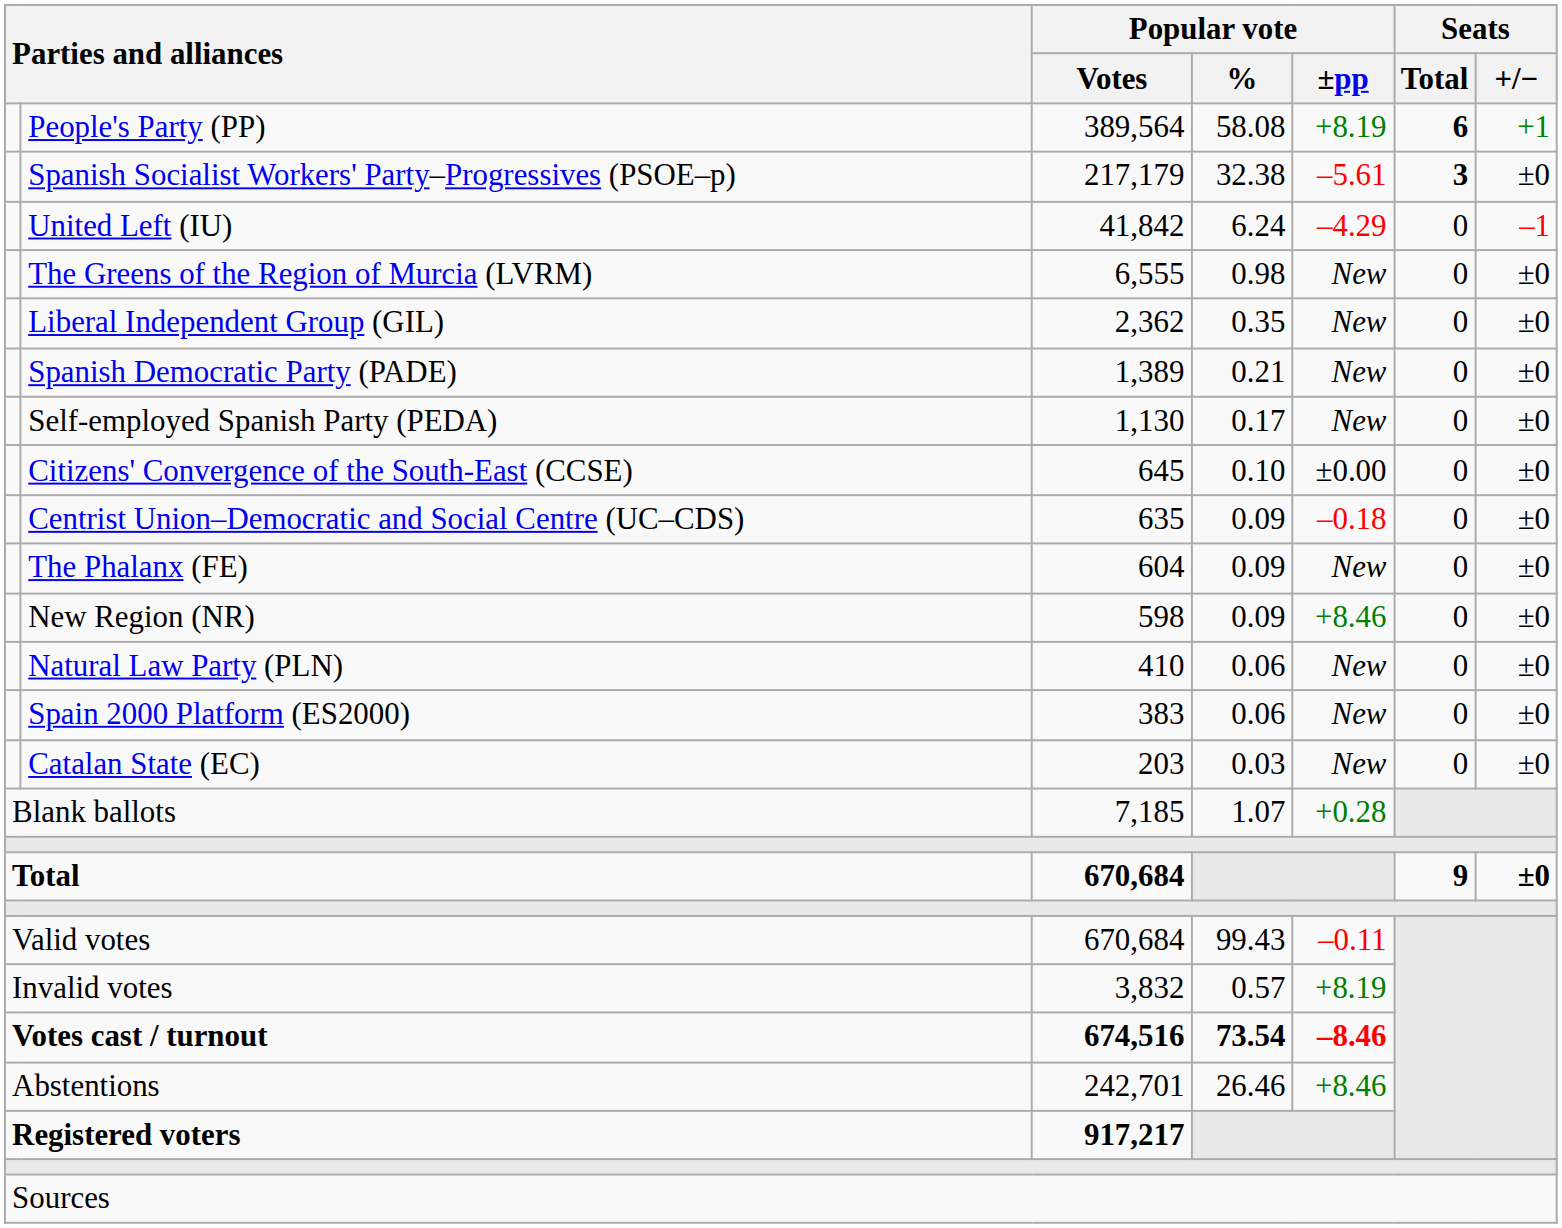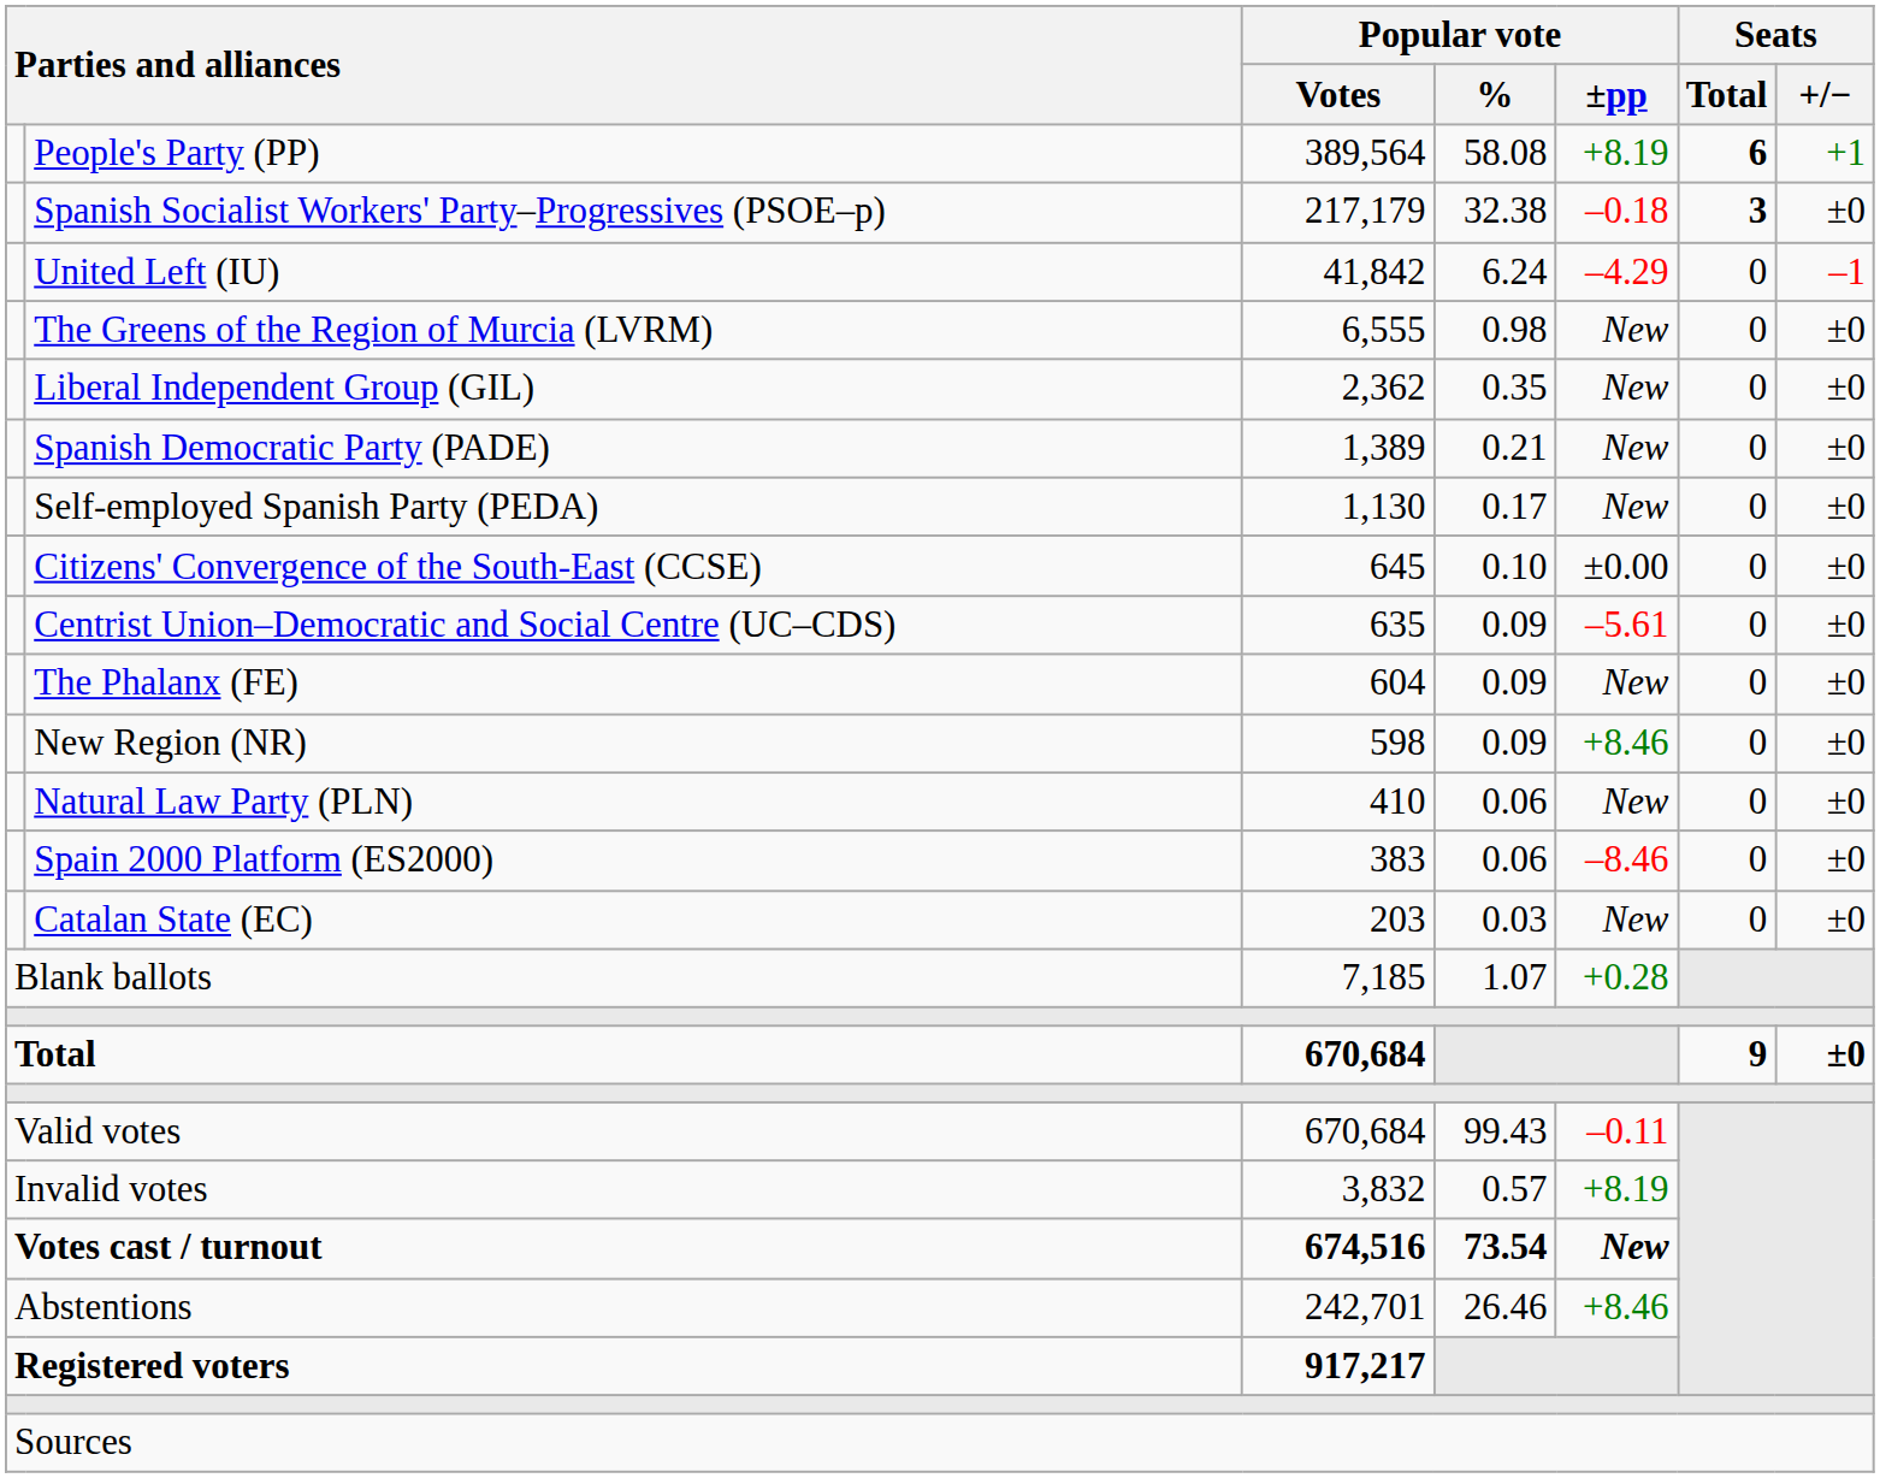 <table class="wikitable" style="text-align:right;">
 <tr>
 <th style="text-align:left;" rowspan="2" colspan="2" width="525">Parties and alliances</th>
 <th colspan="3">Popular vote</th>
 <th colspan="2">Seats</th>
 </tr>
 <tr>
 <th width="75">Votes</th>
 <th width="45">%</th>
 <th width="45">±<a href='#'>pp</a></th>
 <th width="35">Total</th>
 <th width="35">+/−</th>
 </tr>
 <tr>
 <td width="1" style="color:inherit;background:"></td>
 <td align="left"><a href='#'>People's Party</a> (PP)</td>
 <td>389,564</td>
 <td>58.08</td>
 <td style="color:green;">+8.19</td>
 <td><strong>6</strong></td>
 <td style="color:green;">+1</td>
 </tr>
 <tr>
 <td style="color:inherit;background:"></td>
 <td align="left"><a href='#'>Spanish Socialist Workers' Party</a>–<a href='#'>Progressives</a> (PSOE–p)</td>
 <td>217,179</td>
 <td>32.38</td>
-<td style="color:red;">–5.61</td>
+<td style="color:red;">–0.18</td>
 <td><strong>3</strong></td>
 <td>±0</td>
 </tr>
 <tr>
 <td style="color:inherit;background:"></td>
 <td align="left"><a href='#'>United Left</a> (IU)</td>
 <td>41,842</td>
 <td>6.24</td>
 <td style="color:red;">–4.29</td>
 <td>0</td>
 <td style="color:red;">–1</td>
 </tr>
 <tr>
 <td style="color:inherit;background:"></td>
 <td align="left"><a href='#'>The Greens of the Region of Murcia</a> (LVRM)</td>
 <td>6,555</td>
 <td>0.98</td>
 <td><em>New</em></td>
 <td>0</td>
 <td>±0</td>
 </tr>
 <tr>
 <td style="color:inherit;background:"></td>
 <td align="left"><a href='#'>Liberal Independent Group</a> (GIL)</td>
 <td>2,362</td>
 <td>0.35</td>
 <td><em>New</em></td>
 <td>0</td>
 <td>±0</td>
 </tr>
 <tr>
 <td style="color:inherit;background:"></td>
 <td align="left"><a href='#'>Spanish Democratic Party</a> (PADE)</td>
 <td>1,389</td>
 <td>0.21</td>
 <td><em>New</em></td>
 <td>0</td>
 <td>±0</td>
 </tr>
 <tr>
 <td style="color:inherit;background:"></td>
 <td align="left">Self-employed Spanish Party (PEDA)</td>
 <td>1,130</td>
 <td>0.17</td>
 <td><em>New</em></td>
 <td>0</td>
 <td>±0</td>
 </tr>
 <tr>
 <td style="color:inherit;background:"></td>
 <td align="left"><a href='#'>Citizens' Convergence of the South-East</a> (CCSE)</td>
 <td>645</td>
 <td>0.10</td>
 <td>±0.00</td>
 <td>0</td>
 <td>±0</td>
 </tr>
 <tr>
 <td style="color:inherit;background:"></td>
 <td align="left"><a href='#'>Centrist Union–Democratic and Social Centre</a> (UC–CDS)</td>
 <td>635</td>
 <td>0.09</td>
-<td style="color:red;">–0.18</td>
+<td style="color:red;">–5.61</td>
 <td>0</td>
 <td>±0</td>
 </tr>
 <tr>
 <td style="color:inherit;background:"></td>
 <td align="left"><a href='#'>The Phalanx</a> (FE)</td>
 <td>604</td>
 <td>0.09</td>
 <td><em>New</em></td>
 <td>0</td>
 <td>±0</td>
 </tr>
 <tr>
 <td style="color:inherit;background:"></td>
 <td align="left">New Region (NR)</td>
 <td>598</td>
 <td>0.09</td>
 <td style="color:green;">+8.46</td>
 <td>0</td>
 <td>±0</td>
 </tr>
 <tr>
 <td style="color:inherit;background:"></td>
 <td align="left"><a href='#'>Natural Law Party</a> (PLN)</td>
 <td>410</td>
 <td>0.06</td>
 <td><em>New</em></td>
 <td>0</td>
 <td>±0</td>
 </tr>
 <tr>
 <td style="color:inherit;background:"></td>
 <td align="left"><a href='#'>Spain 2000 Platform</a> (ES2000)</td>
 <td>383</td>
 <td>0.06</td>
-<td><em>New</em></td>
+<td style="color:red;">–8.46</td>
 <td>0</td>
 <td>±0</td>
 </tr>
 <tr>
 <td style="color:inherit;background:"></td>
 <td align="left"><a href='#'>Catalan State</a> (EC)</td>
 <td>203</td>
 <td>0.03</td>
 <td><em>New</em></td>
 <td>0</td>
 <td>±0</td>
 </tr>
 <tr>
 <td align="left" colspan="2">Blank ballots</td>
 <td>7,185</td>
 <td>1.07</td>
 <td style="color:green;">+0.28</td>
 <td bgcolor="#E9E9E9" colspan="2"></td>
 </tr>
 <tr>
 <td colspan="7" bgcolor="#E9E9E9"></td>
 </tr>
 <tr style="font-weight:bold;">
 <td align="left" colspan="2">Total</td>
 <td>670,684</td>
 <td bgcolor="#E9E9E9" colspan="2"></td>
 <td>9</td>
 <td>±0</td>
 </tr>
 <tr>
 <td colspan="7" bgcolor="#E9E9E9"></td>
 </tr>
 <tr>
 <td align="left" colspan="2">Valid votes</td>
 <td>670,684</td>
 <td>99.43</td>
 <td style="color:red;">–0.11</td>
 <td bgcolor="#E9E9E9" colspan="2" rowspan="5"></td>
 </tr>
 <tr>
 <td align="left" colspan="2">Invalid votes</td>
 <td>3,832</td>
 <td>0.57</td>
 <td style="color:green;">+8.19</td>
 </tr>
 <tr style="font-weight:bold;">
 <td align="left" colspan="2">Votes cast / turnout</td>
 <td>674,516</td>
 <td>73.54</td>
-<td style="color:red;">–8.46</td>
+<td><em>New</em></td>
 </tr>
 <tr>
 <td align="left" colspan="2">Abstentions</td>
 <td>242,701</td>
 <td>26.46</td>
 <td style="color:green;">+8.46</td>
 </tr>
 <tr style="font-weight:bold;">
 <td align="left" colspan="2">Registered voters</td>
 <td>917,217</td>
 <td bgcolor="#E9E9E9" colspan="2"></td>
 </tr>
 <tr>
 <td colspan="7" bgcolor="#E9E9E9"></td>
 </tr>
 <tr>
 <td align="left" colspan="7">Sources</td>
 </tr>
 </table>
